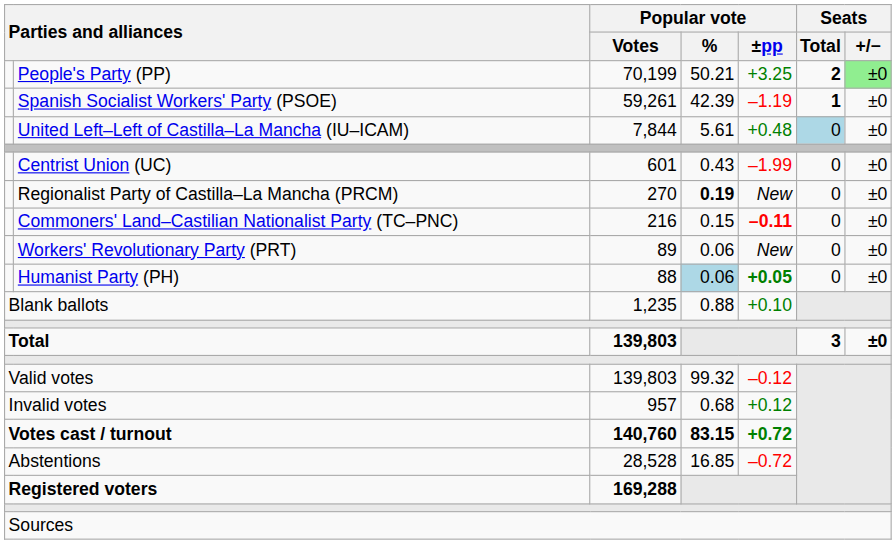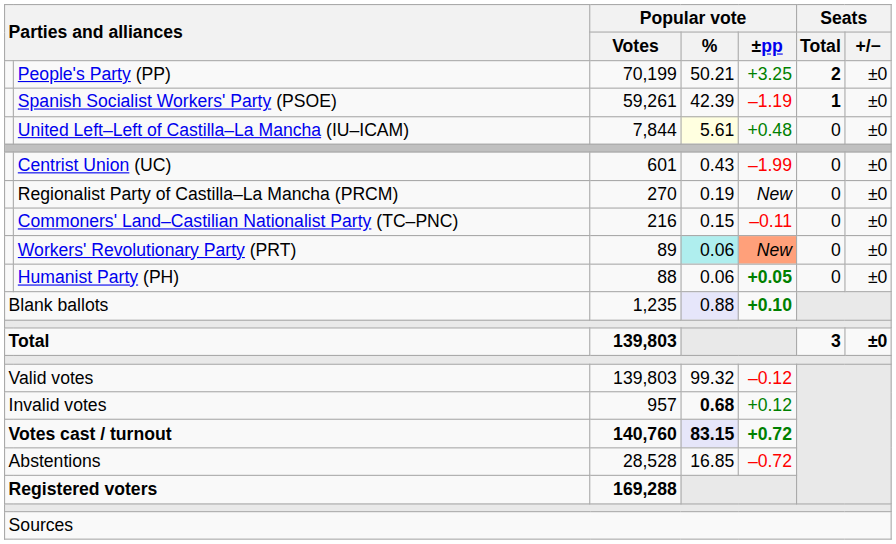 <table class="wikitable" style="text-align:right;">
 <tr>
 <th style="text-align:left;" rowspan="2" colspan="2" width="525">Parties and alliances</th>
 <th colspan="3">Popular vote</th>
 <th colspan="2">Seats</th>
 </tr>
 <tr>
 <th width="75">Votes</th>
 <th width="45">%</th>
 <th width="45">±<a href='#'>pp</a></th>
 <th width="35">Total</th>
 <th width="35">+/−</th>
 </tr>
 <tr>
 <td width="1" style="color:inherit;background:"></td>
 <td align="left"><a href='#'>People's Party</a> (PP)</td>
 <td>70,199</td>
 <td>50.21</td>
 <td style="color:green;">+3.25</td>
 <td><strong>2</strong></td>
-<td style="background: lightgreen;">±0</td>
+<td>±0</td>
 </tr>
 <tr>
 <td style="color:inherit;background:"></td>
 <td align="left"><a href='#'>Spanish Socialist Workers' Party</a> (PSOE)</td>
 <td>59,261</td>
 <td>42.39</td>
 <td style="color:red;">–1.19</td>
 <td><strong>1</strong></td>
 <td>±0</td>
 </tr>
 <tr>
 <td style="color:inherit;background:"></td>
 <td align="left"><a href='#'>United Left–Left of Castilla–La Mancha</a> (IU–ICAM)</td>
 <td>7,844</td>
-<td>5.61</td>
+<td style="background: lightyellow;">5.61</td>
 <td style="color:green;">+0.48</td>
-<td style="background: lightblue;">0</td>
+<td>0</td>
 <td>±0</td>
 </tr>
 <tr>
 <td colspan="7" bgcolor="#C0C0C0"></td>
 </tr>
 <tr>
 <td style="color:inherit;background:"></td>
 <td align="left"><a href='#'>Centrist Union</a> (UC)</td>
 <td>601</td>
 <td>0.43</td>
 <td style="color:red;">–1.99</td>
 <td>0</td>
 <td>±0</td>
 </tr>
 <tr>
 <td style="color:inherit;background:"></td>
 <td align="left">Regionalist Party of Castilla–La Mancha (PRCM)</td>
 <td>270</td>
-<td><strong>0.19</strong></td>
+<td>0.19</td>
 <td><em>New</em></td>
 <td>0</td>
 <td>±0</td>
 </tr>
 <tr>
 <td style="color:inherit;background:"></td>
 <td align="left"><a href='#'>Commoners' Land–Castilian Nationalist Party</a> (TC–PNC)</td>
 <td>216</td>
 <td>0.15</td>
-<td style="color:red;"><strong>–0.11</strong></td>
+<td style="color:red;">–0.11</td>
 <td>0</td>
 <td>±0</td>
 </tr>
 <tr>
 <td style="color:inherit;background:"></td>
 <td align="left"><a href='#'>Workers' Revolutionary Party</a> (PRT)</td>
 <td>89</td>
-<td>0.06</td>
-<td><em>New</em></td>
+<td style="background: paleturquoise;">0.06</td>
+<td style="background: lightsalmon;"><em>New</em></td>
 <td>0</td>
 <td>±0</td>
 </tr>
 <tr>
 <td style="color:inherit;background:"></td>
 <td align="left"><a href='#'>Humanist Party</a> (PH)</td>
 <td>88</td>
-<td style="background: lightblue;">0.06</td>
+<td>0.06</td>
 <td style="color:green;"><strong>+0.05</strong></td>
 <td>0</td>
 <td>±0</td>
 </tr>
 <tr>
 <td align="left" colspan="2">Blank ballots</td>
 <td>1,235</td>
-<td>0.88</td>
-<td style="color:green;">+0.10</td>
+<td style="background: lavender;">0.88</td>
+<td style="color:green;"><strong>+0.10</strong></td>
 <td bgcolor="#E9E9E9" colspan="2"></td>
 </tr>
 <tr>
 <td colspan="7" bgcolor="#E9E9E9"></td>
 </tr>
 <tr style="font-weight:bold;">
 <td align="left" colspan="2">Total</td>
 <td>139,803</td>
 <td bgcolor="#E9E9E9" colspan="2"></td>
 <td>3</td>
 <td>±0</td>
 </tr>
 <tr>
 <td colspan="7" bgcolor="#E9E9E9"></td>
 </tr>
 <tr>
 <td align="left" colspan="2">Valid votes</td>
 <td>139,803</td>
 <td>99.32</td>
 <td style="color:red;">–0.12</td>
 <td bgcolor="#E9E9E9" colspan="2" rowspan="5"></td>
 </tr>
 <tr>
 <td align="left" colspan="2">Invalid votes</td>
 <td>957</td>
-<td>0.68</td>
+<td><strong>0.68</strong></td>
 <td style="color:green;">+0.12</td>
 </tr>
 <tr style="font-weight:bold;">
 <td align="left" colspan="2">Votes cast / turnout</td>
 <td>140,760</td>
-<td>83.15</td>
+<td style="background: lavender;">83.15</td>
 <td style="color:green;">+0.72</td>
 </tr>
 <tr>
 <td align="left" colspan="2">Abstentions</td>
 <td>28,528</td>
 <td>16.85</td>
 <td style="color:red;">–0.72</td>
 </tr>
 <tr style="font-weight:bold;">
 <td align="left" colspan="2">Registered voters</td>
 <td>169,288</td>
 <td bgcolor="#E9E9E9" colspan="2"></td>
 </tr>
 <tr>
 <td colspan="7" bgcolor="#E9E9E9"></td>
 </tr>
 <tr>
 <td align="left" colspan="7">Sources</td>
 </tr>
 </table>
